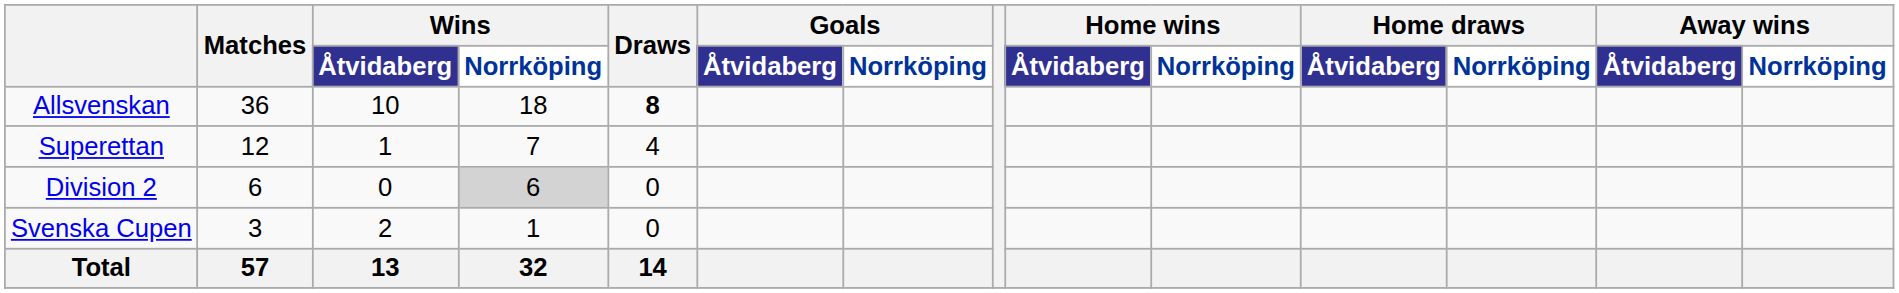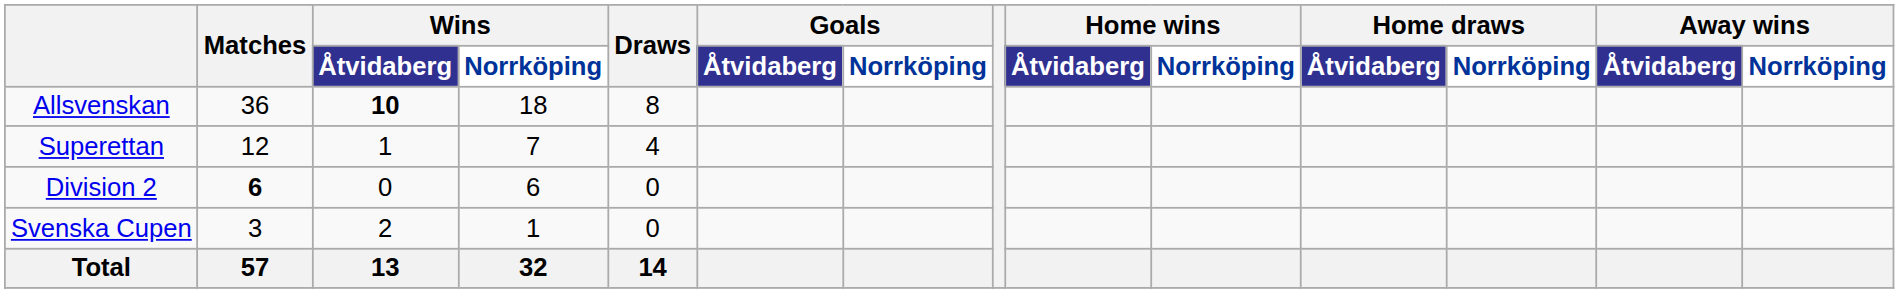 <table class="wikitable" style="font-size:90%; text-align: center">
 <tr>
 <th rowspan="2"></th>
 <th rowspan="2">Matches</th>
 <th colspan="2">Wins</th>
 <th rowspan="2">Draws</th>
 <th colspan="2">Goals</th>
 <th rowspan="7"></th>
 <th colspan="2">Home wins</th>
 <th colspan="2">Home draws</th>
 <th colspan="2">Away wins</th>
 </tr>
 <tr>
 <th style="color:#ffffff; background:#303090; width:5em">Åtvidaberg</th>
 <th style="color:#003399; background:#ffffff;">Norrköping</th>
 <th style="color:#ffffff; background:#303090; width:5em">Åtvidaberg</th>
 <th style="color:#003399; background:#ffffff;">Norrköping</th>
 <th style="color:#ffffff; background:#303090; width:5em">Åtvidaberg</th>
 <th style="color:#003399; background:#ffffff;">Norrköping</th>
 <th style="color:#ffffff; background:#303090; width:5em">Åtvidaberg</th>
 <th style="color:#003399; background:#ffffff;">Norrköping</th>
 <th style="color:#ffffff; background:#303090; width:5em">Åtvidaberg</th>
 <th style="color:#003399; background:#ffffff;">Norrköping</th>
 </tr>
 <tr>
 <td><a href='#'>Allsvenskan</a></td>
 <td>36</td>
-<td>10</td>
+<td><strong>10</strong></td>
 <td>18</td>
-<td><strong>8</strong></td>
+<td>8</td>
 <td></td>
 <td></td>
 <td></td>
 <td></td>
 <td></td>
 <td></td>
 <td></td>
 <td></td>
 </tr>
 <tr>
 <td><a href='#'>Superettan</a></td>
 <td>12</td>
 <td>1</td>
 <td>7</td>
 <td>4</td>
 <td></td>
 <td></td>
 <td></td>
 <td></td>
 <td></td>
 <td></td>
 <td></td>
 <td></td>
 </tr>
 <tr>
 <td><a href='#'>Division 2</a></td>
+<td><strong>6</strong></td>
+<td>0</td>
 <td>6</td>
-<td>0</td>
-<td style="background: lightgrey;">6</td>
 <td>0</td>
 <td></td>
 <td></td>
 <td></td>
 <td></td>
 <td></td>
 <td></td>
 <td></td>
 <td></td>
 </tr>
 <tr>
 <td><a href='#'>Svenska Cupen</a></td>
 <td>3</td>
 <td>2</td>
 <td>1</td>
 <td>0</td>
 <td></td>
 <td></td>
 <td></td>
 <td></td>
 <td></td>
 <td></td>
 <td></td>
 <td></td>
 </tr>
 <tr>
 <th>Total</th>
 <th>57</th>
 <th>13</th>
 <th>32</th>
 <th>14</th>
 <th></th>
 <th></th>
 <th></th>
 <th></th>
 <th></th>
 <th></th>
 <th></th>
 <th></th>
 </tr>
 </table>
